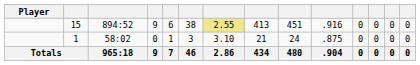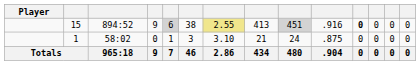 <table class="wikitable sortable" style="width:100%;">
 <tr style="text-align:center; background:#ddd;">
 <th>Player</th>
 <th></th>
 <th></th>
 <th></th>
 <th></th>
 <th></th>
 <th></th>
 <th></th>
 <th></th>
 <th></th>
 <th></th>
 <th></th>
 <th></th>
 <th></th>
 </tr>
 <tr align=center>
 <td style=white-space:nowrap></td>
 <td>15</td>
 <td>894:52</td>
 <td>9</td>
-<td>6</td>
+<td style="background: lightgrey;">6</td>
 <td>38</td>
 <td style="background: khaki;">2.55</td>
 <td>413</td>
-<td>451</td>
+<td style="background: lightgrey;">451</td>
 <td>.916</td>
-<td>0</td>
+<td><strong>0</strong></td>
 <td>0</td>
 <td>0</td>
 <td>0</td>
 </tr>
 <tr align=center>
 <td style=white-space:nowrap></td>
 <td>1</td>
 <td>58:02</td>
 <td>0</td>
 <td>1</td>
 <td>3</td>
 <td>3.10</td>
 <td>21</td>
 <td>24</td>
 <td>.875</td>
 <td>0</td>
 <td>0</td>
 <td>0</td>
 <td>0</td>
 </tr>
 <tr class="unsortable">
 <th colspan=2>Totals</th>
 <th>965:18</th>
 <th>9</th>
 <th>7</th>
 <th>46</th>
 <th>2.86</th>
 <th>434</th>
 <th>480</th>
 <th>.904</th>
 <th>0</th>
 <th>0</th>
 <th>0</th>
 <th>0</th>
 </tr>
 </table>
